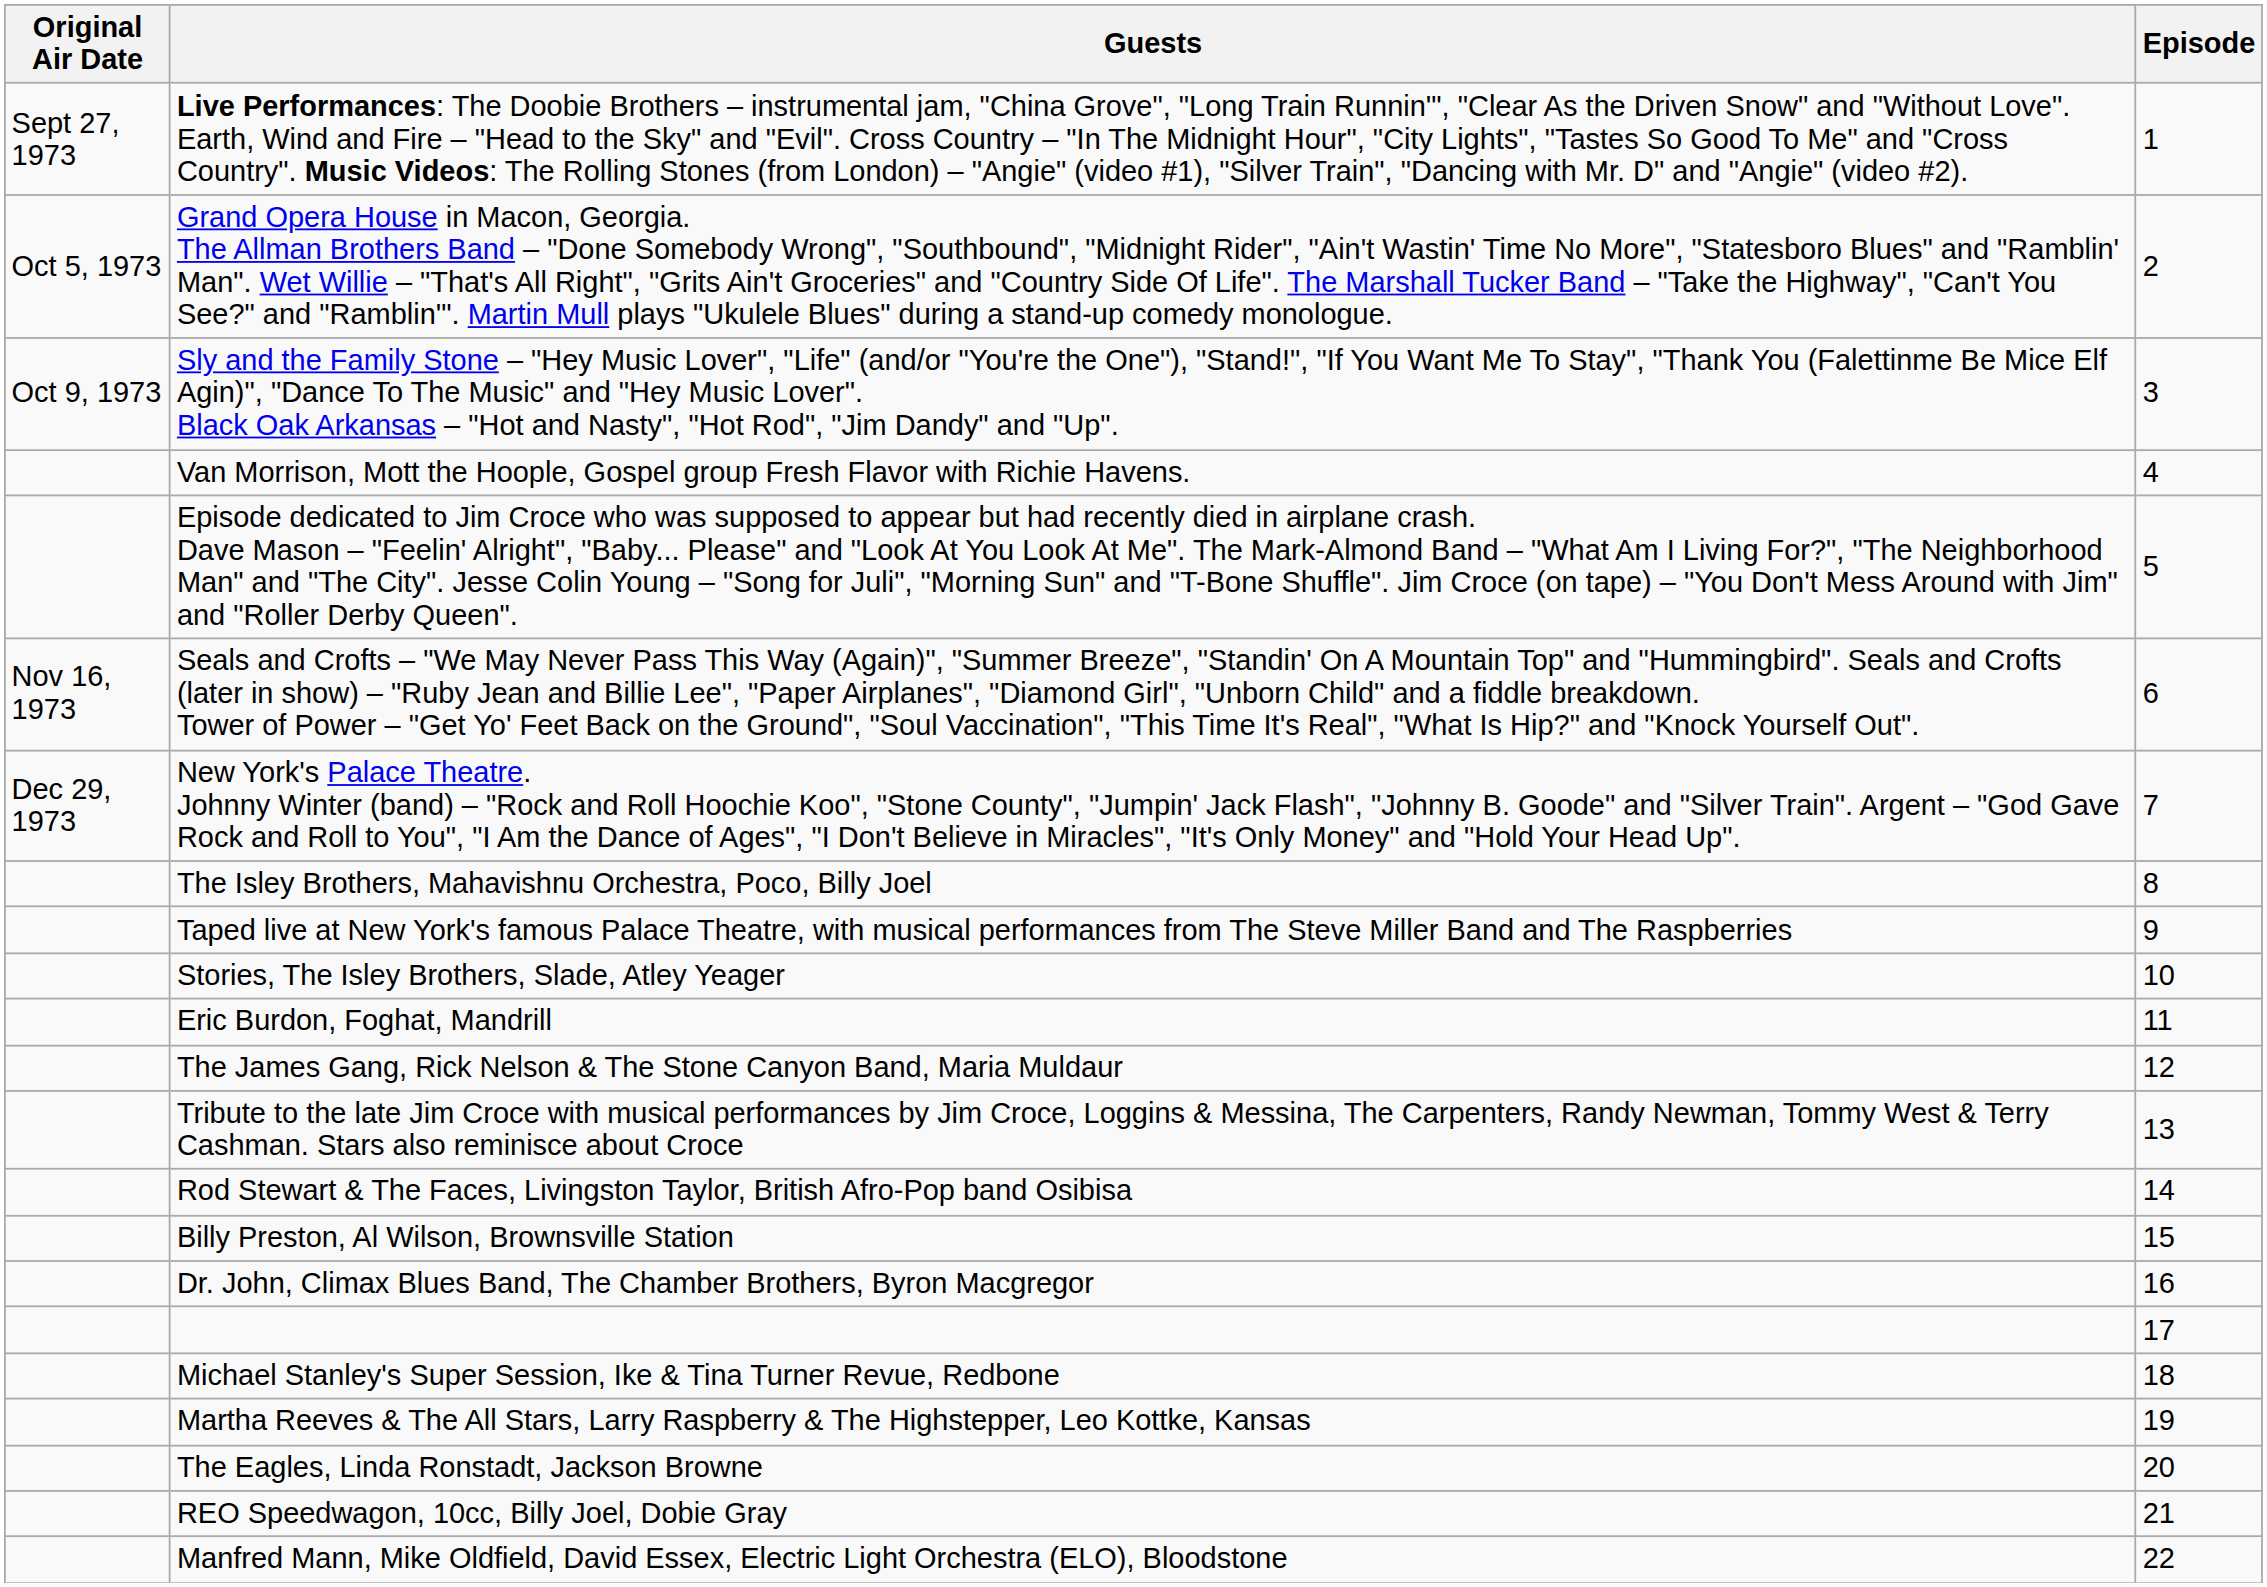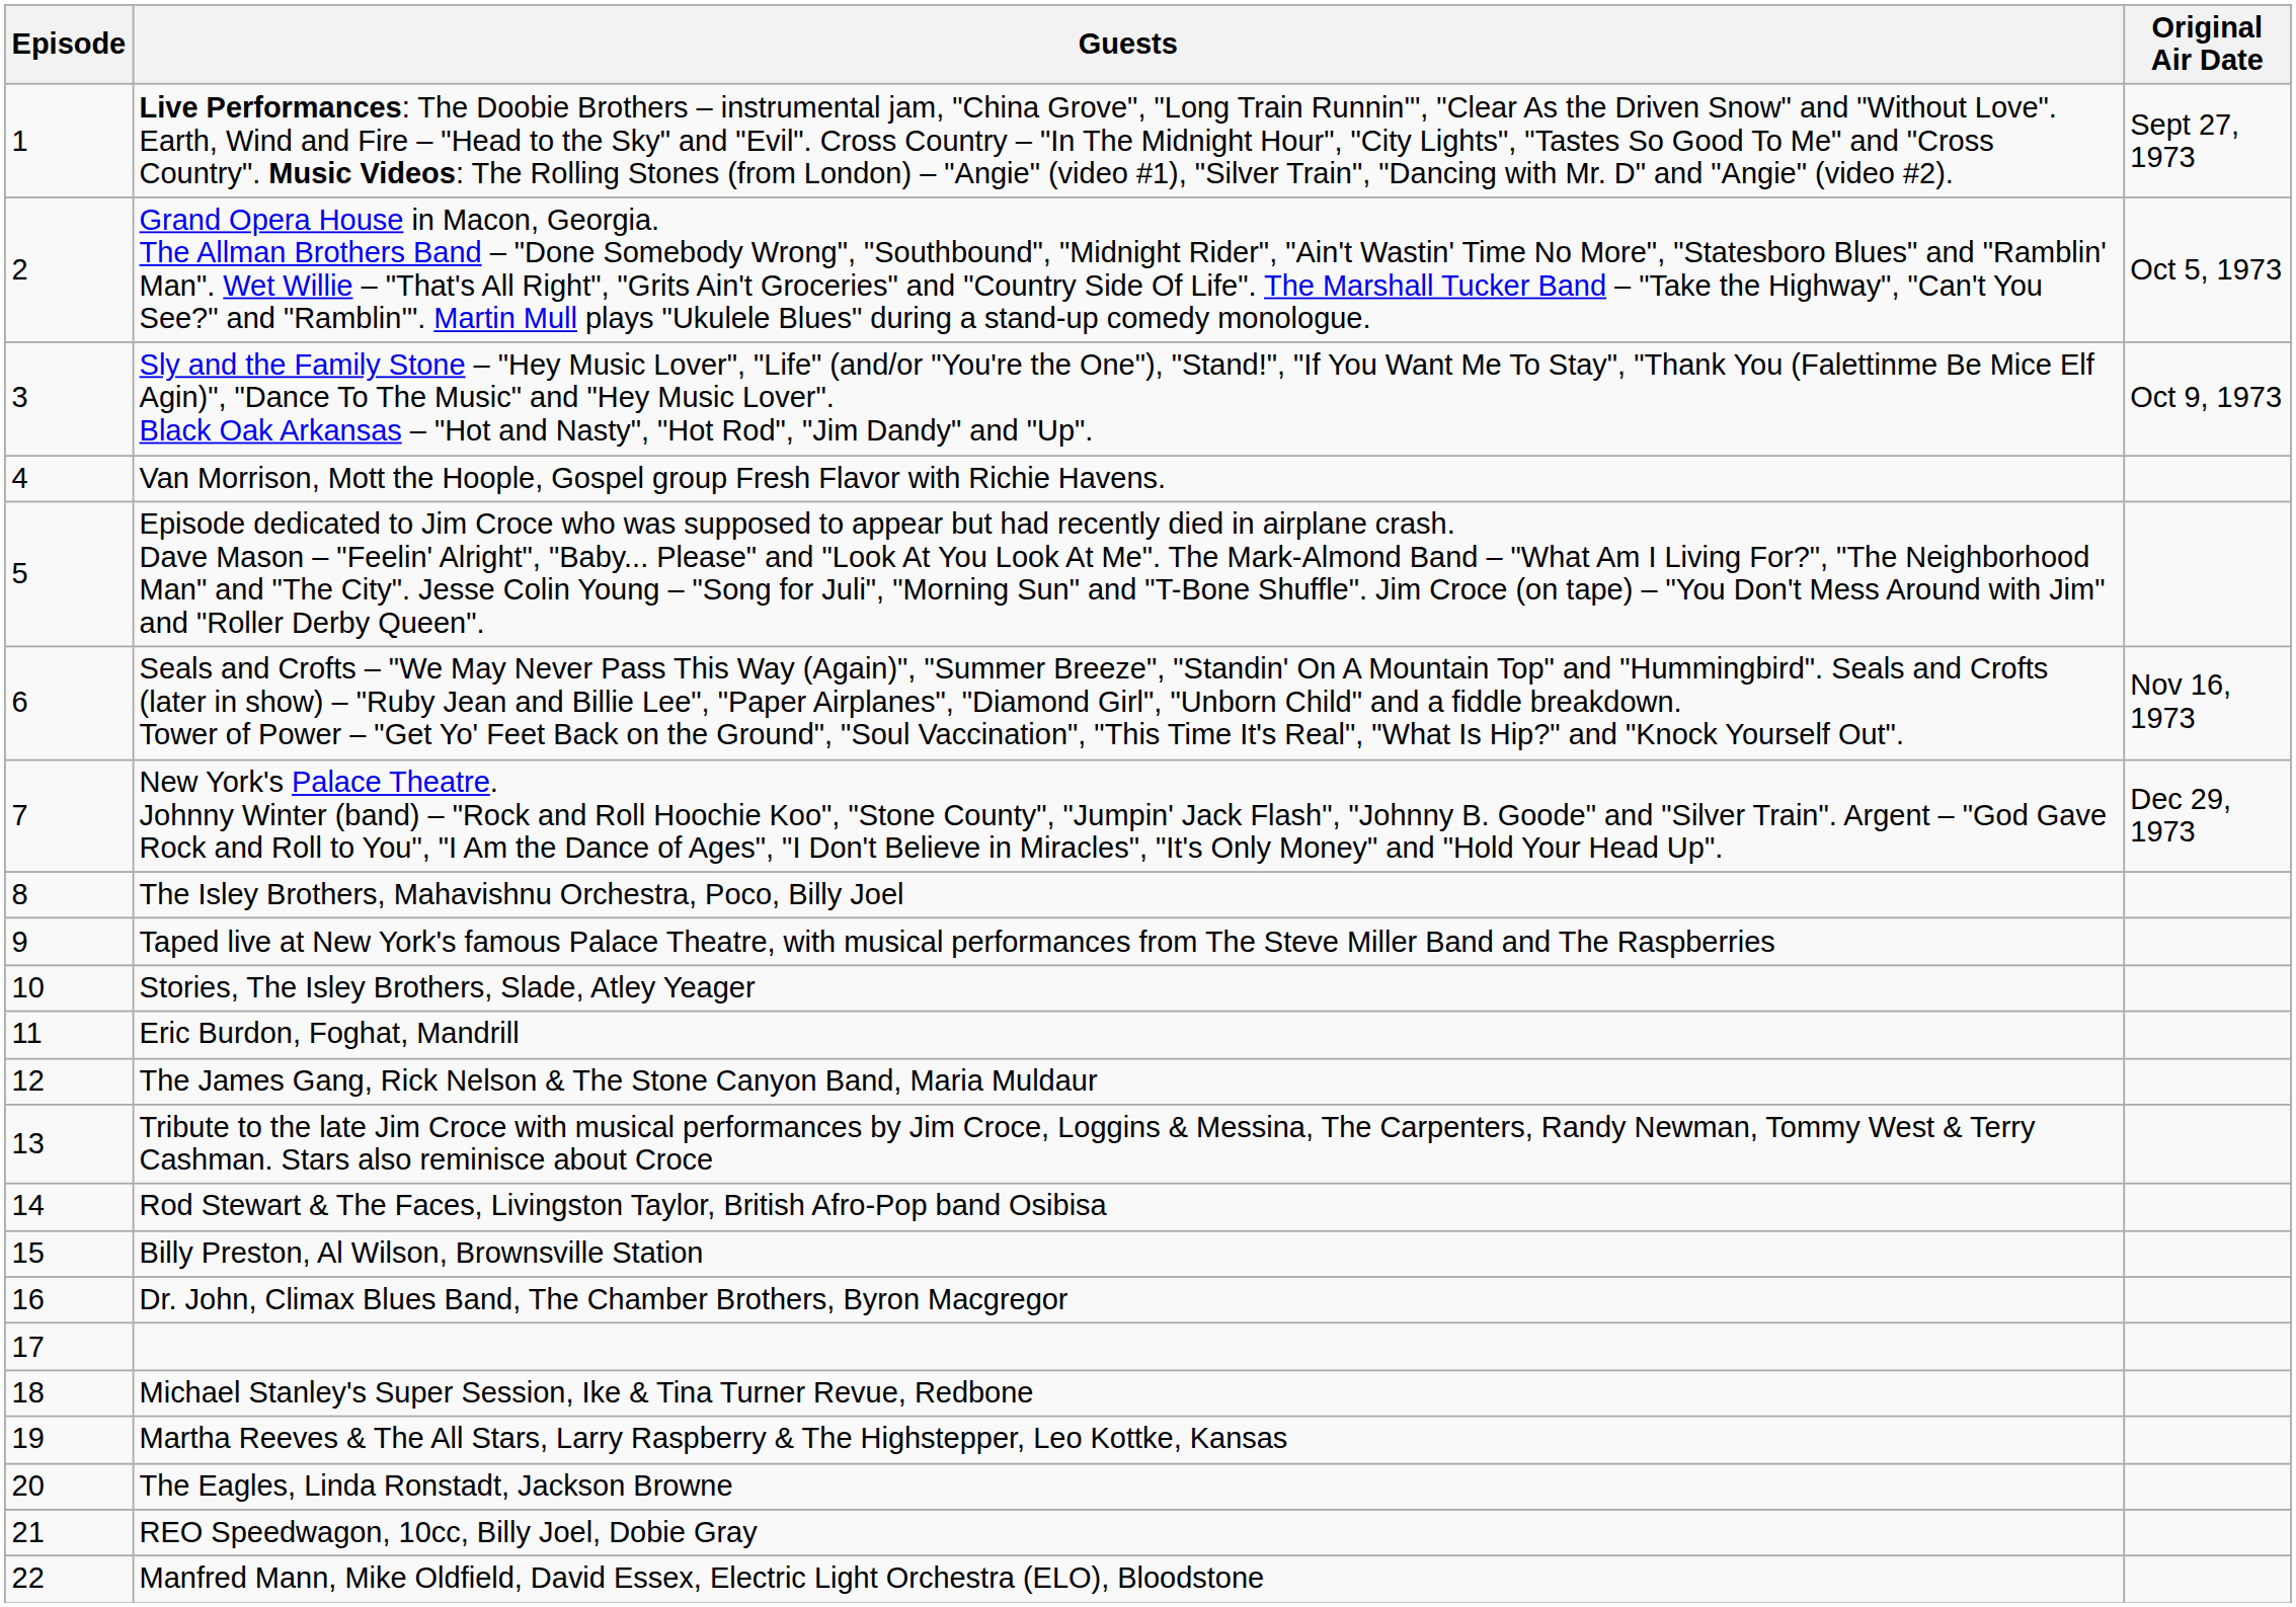 <table class="wikitable">
 <tr>
+<th>Episode</th>
+<th>Guests</th>
 <th>Original Air Date</th>
-<th>Guests</th>
-<th>Episode</th>
 </tr>
 <tr>
+<td>1</td>
+<td><strong>Live Performances</strong>: The Doobie Brothers – instrumental jam, "China Grove", "Long Train Runnin'", "Clear As the Driven Snow" and "Without Love".<br>Earth, Wind and Fire – "Head to the Sky" and "Evil". Cross Country – "In The Midnight Hour", "City Lights", "Tastes So Good To Me" and "Cross Country". <strong>Music Videos</strong>: The Rolling Stones (from London) – "Angie" (video #1), "Silver Train", "Dancing with Mr. D" and "Angie" (video #2).</td>
 <td>Sept 27, 1973</td>
-<td><strong>Live Performances</strong>: The Doobie Brothers – instrumental jam, "China Grove", "Long Train Runnin'", "Clear As the Driven Snow" and "Without Love".<br>Earth, Wind and Fire – "Head to the Sky" and "Evil". Cross Country – "In The Midnight Hour", "City Lights", "Tastes So Good To Me" and "Cross Country". <strong>Music Videos</strong>: The Rolling Stones (from London) – "Angie" (video #1), "Silver Train", "Dancing with Mr. D" and "Angie" (video #2).</td>
-<td>1</td>
 </tr>
 <tr>
+<td>2</td>
+<td><a href='#'>Grand Opera House</a> in Macon, Georgia.<br><a href='#'>The Allman Brothers Band</a> – "Done Somebody Wrong", "Southbound", "Midnight Rider", "Ain't Wastin' Time No More", "Statesboro Blues" and "Ramblin' Man". <a href='#'>Wet Willie</a> – "That's All Right", "Grits Ain't Groceries" and "Country Side Of Life". <a href='#'>The Marshall Tucker Band</a> – "Take the Highway", "Can't You See?" and "Ramblin'". <a href='#'>Martin Mull</a> plays "Ukulele Blues" during a stand-up comedy monologue.</td>
 <td>Oct 5, 1973</td>
-<td><a href='#'>Grand Opera House</a> in Macon, Georgia.<br><a href='#'>The Allman Brothers Band</a> – "Done Somebody Wrong", "Southbound", "Midnight Rider", "Ain't Wastin' Time No More", "Statesboro Blues" and "Ramblin' Man". <a href='#'>Wet Willie</a> – "That's All Right", "Grits Ain't Groceries" and "Country Side Of Life". <a href='#'>The Marshall Tucker Band</a> – "Take the Highway", "Can't You See?" and "Ramblin'". <a href='#'>Martin Mull</a> plays "Ukulele Blues" during a stand-up comedy monologue.</td>
-<td>2</td>
 </tr>
 <tr>
+<td>3</td>
+<td><a href='#'>Sly and the Family Stone</a> – "Hey Music Lover", "Life" (and/or "You're the One"), "Stand!", "If You Want Me To Stay", "Thank You (Falettinme Be Mice Elf Agin)", "Dance To The Music" and "Hey Music Lover".<br><a href='#'>Black Oak Arkansas</a> – "Hot and Nasty", "Hot Rod", "Jim Dandy" and "Up".</td>
 <td>Oct 9, 1973</td>
-<td><a href='#'>Sly and the Family Stone</a> – "Hey Music Lover", "Life" (and/or "You're the One"), "Stand!", "If You Want Me To Stay", "Thank You (Falettinme Be Mice Elf Agin)", "Dance To The Music" and "Hey Music Lover".<br><a href='#'>Black Oak Arkansas</a> – "Hot and Nasty", "Hot Rod", "Jim Dandy" and "Up".</td>
-<td>3</td>
 </tr>
 <tr>
+<td>4</td>
+<td>Van Morrison, Mott the Hoople, Gospel group Fresh Flavor with Richie Havens.</td>
 <td></td>
-<td>Van Morrison, Mott the Hoople, Gospel group Fresh Flavor with Richie Havens.</td>
-<td>4</td>
 </tr>
 <tr>
+<td>5</td>
+<td>Episode dedicated to Jim Croce who was supposed to appear but had recently died in airplane crash.<br>Dave Mason – "Feelin' Alright", "Baby... Please" and "Look At You Look At Me". The Mark-Almond Band – "What Am I Living For?", "The Neighborhood Man" and "The City". Jesse Colin Young – "Song for Juli", "Morning Sun" and "T-Bone Shuffle". Jim Croce (on tape) – "You Don't Mess Around with Jim" and "Roller Derby Queen".</td>
 <td></td>
-<td>Episode dedicated to Jim Croce who was supposed to appear but had recently died in airplane crash.<br>Dave Mason – "Feelin' Alright", "Baby... Please" and "Look At You Look At Me". The Mark-Almond Band – "What Am I Living For?", "The Neighborhood Man" and "The City". Jesse Colin Young – "Song for Juli", "Morning Sun" and "T-Bone Shuffle". Jim Croce (on tape) – "You Don't Mess Around with Jim" and "Roller Derby Queen".</td>
-<td>5</td>
 </tr>
 <tr>
+<td>6</td>
+<td>Seals and Crofts – "We May Never Pass This Way (Again)", "Summer Breeze", "Standin' On A Mountain Top" and "Hummingbird". Seals and Crofts (later in show) – "Ruby Jean and Billie Lee", "Paper Airplanes", "Diamond Girl", "Unborn Child" and a fiddle breakdown.<br>Tower of Power – "Get Yo' Feet Back on the Ground", "Soul Vaccination", "This Time It's Real", "What Is Hip?" and "Knock Yourself Out".</td>
 <td>Nov 16, 1973</td>
-<td>Seals and Crofts – "We May Never Pass This Way (Again)", "Summer Breeze", "Standin' On A Mountain Top" and "Hummingbird". Seals and Crofts (later in show) – "Ruby Jean and Billie Lee", "Paper Airplanes", "Diamond Girl", "Unborn Child" and a fiddle breakdown.<br>Tower of Power – "Get Yo' Feet Back on the Ground", "Soul Vaccination", "This Time It's Real", "What Is Hip?" and "Knock Yourself Out".</td>
-<td>6</td>
 </tr>
 <tr>
+<td>7</td>
+<td>New York's <a href='#'>Palace Theatre</a>.<br>Johnny Winter (band) – "Rock and Roll Hoochie Koo", "Stone County", "Jumpin' Jack Flash", "Johnny B. Goode" and "Silver Train". Argent – "God Gave Rock and Roll to You", "I Am the Dance of Ages", "I Don't Believe in Miracles", "It's Only Money" and "Hold Your Head Up".</td>
 <td>Dec 29, 1973</td>
-<td>New York's <a href='#'>Palace Theatre</a>.<br>Johnny Winter (band) – "Rock and Roll Hoochie Koo", "Stone County", "Jumpin' Jack Flash", "Johnny B. Goode" and "Silver Train". Argent – "God Gave Rock and Roll to You", "I Am the Dance of Ages", "I Don't Believe in Miracles", "It's Only Money" and "Hold Your Head Up".</td>
-<td>7</td>
 </tr>
 <tr>
+<td>8</td>
+<td>The Isley Brothers, Mahavishnu Orchestra, Poco, Billy Joel</td>
 <td></td>
-<td>The Isley Brothers, Mahavishnu Orchestra, Poco, Billy Joel</td>
-<td>8</td>
 </tr>
 <tr>
+<td>9</td>
+<td>Taped live at New York's famous Palace Theatre, with musical performances from The Steve Miller Band and The Raspberries</td>
 <td></td>
-<td>Taped live at New York's famous Palace Theatre, with musical performances from The Steve Miller Band and The Raspberries</td>
-<td>9</td>
 </tr>
 <tr>
+<td>10</td>
+<td>Stories, The Isley Brothers, Slade, Atley Yeager</td>
 <td></td>
-<td>Stories, The Isley Brothers, Slade, Atley Yeager</td>
-<td>10</td>
 </tr>
 <tr>
+<td>11</td>
+<td>Eric Burdon, Foghat, Mandrill</td>
 <td></td>
-<td>Eric Burdon, Foghat, Mandrill</td>
-<td>11</td>
 </tr>
 <tr>
+<td>12</td>
+<td>The James Gang, Rick Nelson & The Stone Canyon Band, Maria Muldaur</td>
 <td></td>
-<td>The James Gang, Rick Nelson & The Stone Canyon Band, Maria Muldaur</td>
-<td>12</td>
 </tr>
 <tr>
+<td>13</td>
+<td>Tribute to the late Jim Croce with musical performances by Jim Croce, Loggins & Messina, The Carpenters, Randy Newman, Tommy West & Terry Cashman. Stars also reminisce about Croce</td>
 <td></td>
-<td>Tribute to the late Jim Croce with musical performances by Jim Croce, Loggins & Messina, The Carpenters, Randy Newman, Tommy West & Terry Cashman. Stars also reminisce about Croce</td>
-<td>13</td>
 </tr>
 <tr>
+<td>14</td>
+<td>Rod Stewart & The Faces, Livingston Taylor, British Afro-Pop band Osibisa</td>
 <td></td>
-<td>Rod Stewart & The Faces, Livingston Taylor, British Afro-Pop band Osibisa</td>
-<td>14</td>
 </tr>
 <tr>
+<td>15</td>
+<td>Billy Preston, Al Wilson, Brownsville Station</td>
 <td></td>
-<td>Billy Preston, Al Wilson, Brownsville Station</td>
-<td>15</td>
 </tr>
 <tr>
+<td>16</td>
+<td>Dr. John, Climax Blues Band, The Chamber Brothers, Byron Macgregor</td>
 <td></td>
-<td>Dr. John, Climax Blues Band, The Chamber Brothers, Byron Macgregor</td>
-<td>16</td>
 </tr>
 <tr>
+<td>17</td>
 <td></td>
 <td></td>
-<td>17</td>
 </tr>
 <tr>
+<td>18</td>
+<td>Michael Stanley's Super Session, Ike & Tina Turner Revue, Redbone</td>
 <td></td>
-<td>Michael Stanley's Super Session, Ike & Tina Turner Revue, Redbone</td>
-<td>18</td>
 </tr>
 <tr>
+<td>19</td>
+<td>Martha Reeves & The All Stars, Larry Raspberry & The Highstepper, Leo Kottke, Kansas</td>
 <td></td>
-<td>Martha Reeves & The All Stars, Larry Raspberry & The Highstepper, Leo Kottke, Kansas</td>
-<td>19</td>
 </tr>
 <tr>
+<td>20</td>
+<td>The Eagles, Linda Ronstadt, Jackson Browne</td>
 <td></td>
-<td>The Eagles, Linda Ronstadt, Jackson Browne</td>
-<td>20</td>
 </tr>
 <tr>
+<td>21</td>
+<td>REO Speedwagon, 10cc, Billy Joel, Dobie Gray</td>
 <td></td>
-<td>REO Speedwagon, 10cc, Billy Joel, Dobie Gray</td>
-<td>21</td>
 </tr>
 <tr>
+<td>22</td>
+<td>Manfred Mann, Mike Oldfield, David Essex, Electric Light Orchestra (ELO), Bloodstone</td>
 <td></td>
-<td>Manfred Mann, Mike Oldfield, David Essex, Electric Light Orchestra (ELO), Bloodstone</td>
-<td>22</td>
 </tr>
 </table>
